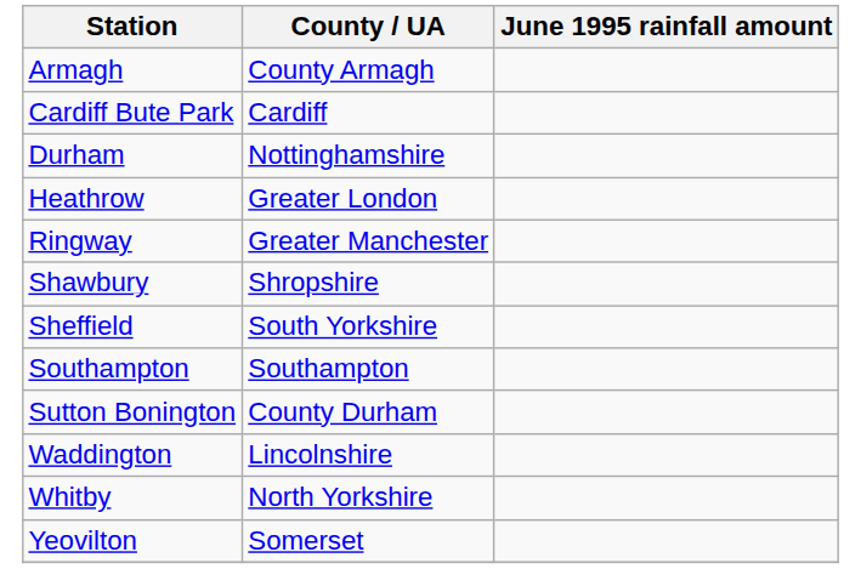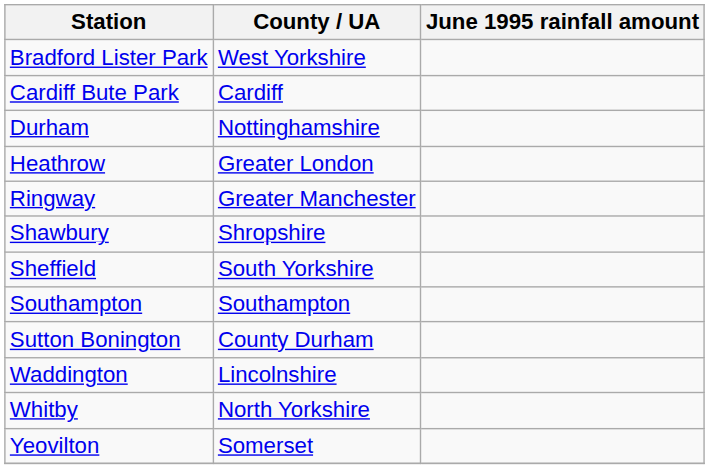 <table class="wikitable sortable" style="margin:auto;">
 <tr>
 <th>Station</th>
 <th>County / UA</th>
 <th>June 1995 rainfall amount</th>
 </tr>
 <tr>
-<td><a href='#'>Armagh</a></td>
-<td><a href='#'>County Armagh</a></td>
+<td><a href='#'>Bradford Lister Park</a></td>
+<td><a href='#'>West Yorkshire</a></td>
 <td></td>
 </tr>
 <tr>
 <td><a href='#'>Cardiff Bute Park</a></td>
 <td><a href='#'>Cardiff</a></td>
 <td></td>
 </tr>
 <tr>
 <td><a href='#'>Durham</a></td>
 <td><a href='#'>Nottinghamshire</a></td>
 <td></td>
 </tr>
 <tr>
 <td><a href='#'>Heathrow</a></td>
 <td><a href='#'>Greater London</a></td>
 <td></td>
 </tr>
 <tr>
 <td><a href='#'>Ringway</a></td>
 <td><a href='#'>Greater Manchester</a></td>
 <td></td>
 </tr>
 <tr>
 <td><a href='#'>Shawbury</a></td>
 <td><a href='#'>Shropshire</a></td>
 <td></td>
 </tr>
 <tr>
 <td><a href='#'>Sheffield</a></td>
 <td><a href='#'>South Yorkshire</a></td>
 <td></td>
 </tr>
 <tr>
 <td><a href='#'>Southampton</a></td>
 <td><a href='#'>Southampton</a></td>
 <td></td>
 </tr>
 <tr>
 <td><a href='#'>Sutton Bonington</a></td>
 <td><a href='#'>County Durham</a></td>
 <td></td>
 </tr>
 <tr>
 <td><a href='#'>Waddington</a></td>
 <td><a href='#'>Lincolnshire</a></td>
 <td></td>
 </tr>
 <tr>
 <td><a href='#'>Whitby</a></td>
 <td><a href='#'>North Yorkshire</a></td>
 <td></td>
 </tr>
 <tr>
 <td><a href='#'>Yeovilton</a></td>
 <td><a href='#'>Somerset</a></td>
 <td></td>
 </tr>
 <tr>
 </tr>
 </table>
